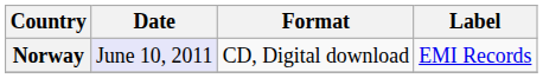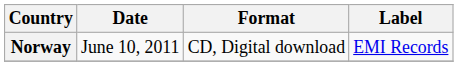 <table class="wikitable plainrowheaders">
 <tr>
 <th scope="col">Country</th>
 <th scope="col">Date</th>
 <th scope="col">Format</th>
 <th scope="col">Label</th>
 </tr>
 <tr>
 <th scope="row">Norway</th>
-<td style="background: lavender;">June 10, 2011</td>
+<td>June 10, 2011</td>
 <td>CD, Digital download</td>
 <td><a href='#'>EMI Records</a></td>
 </tr>
 <tr>
 </tr>
 </table>
